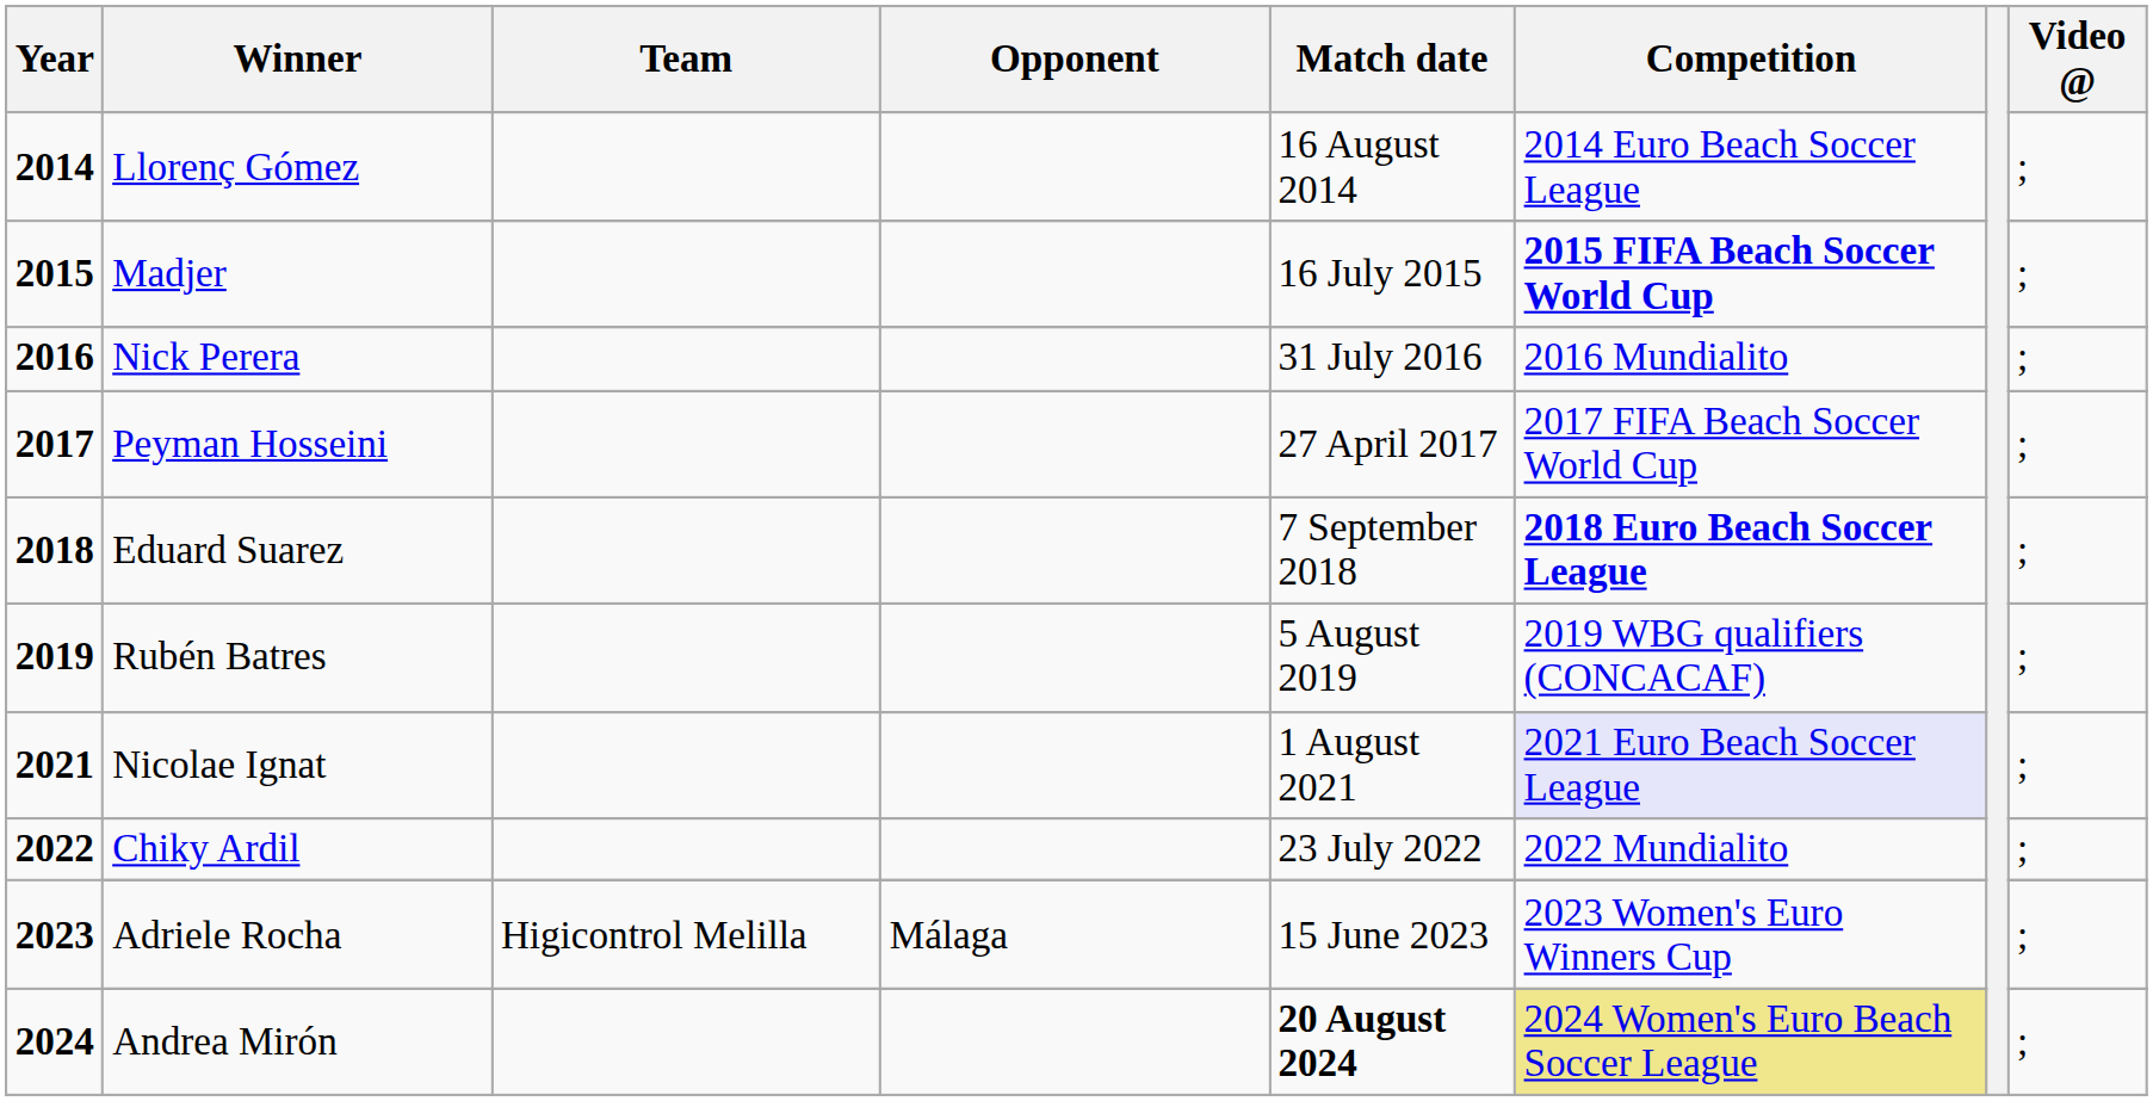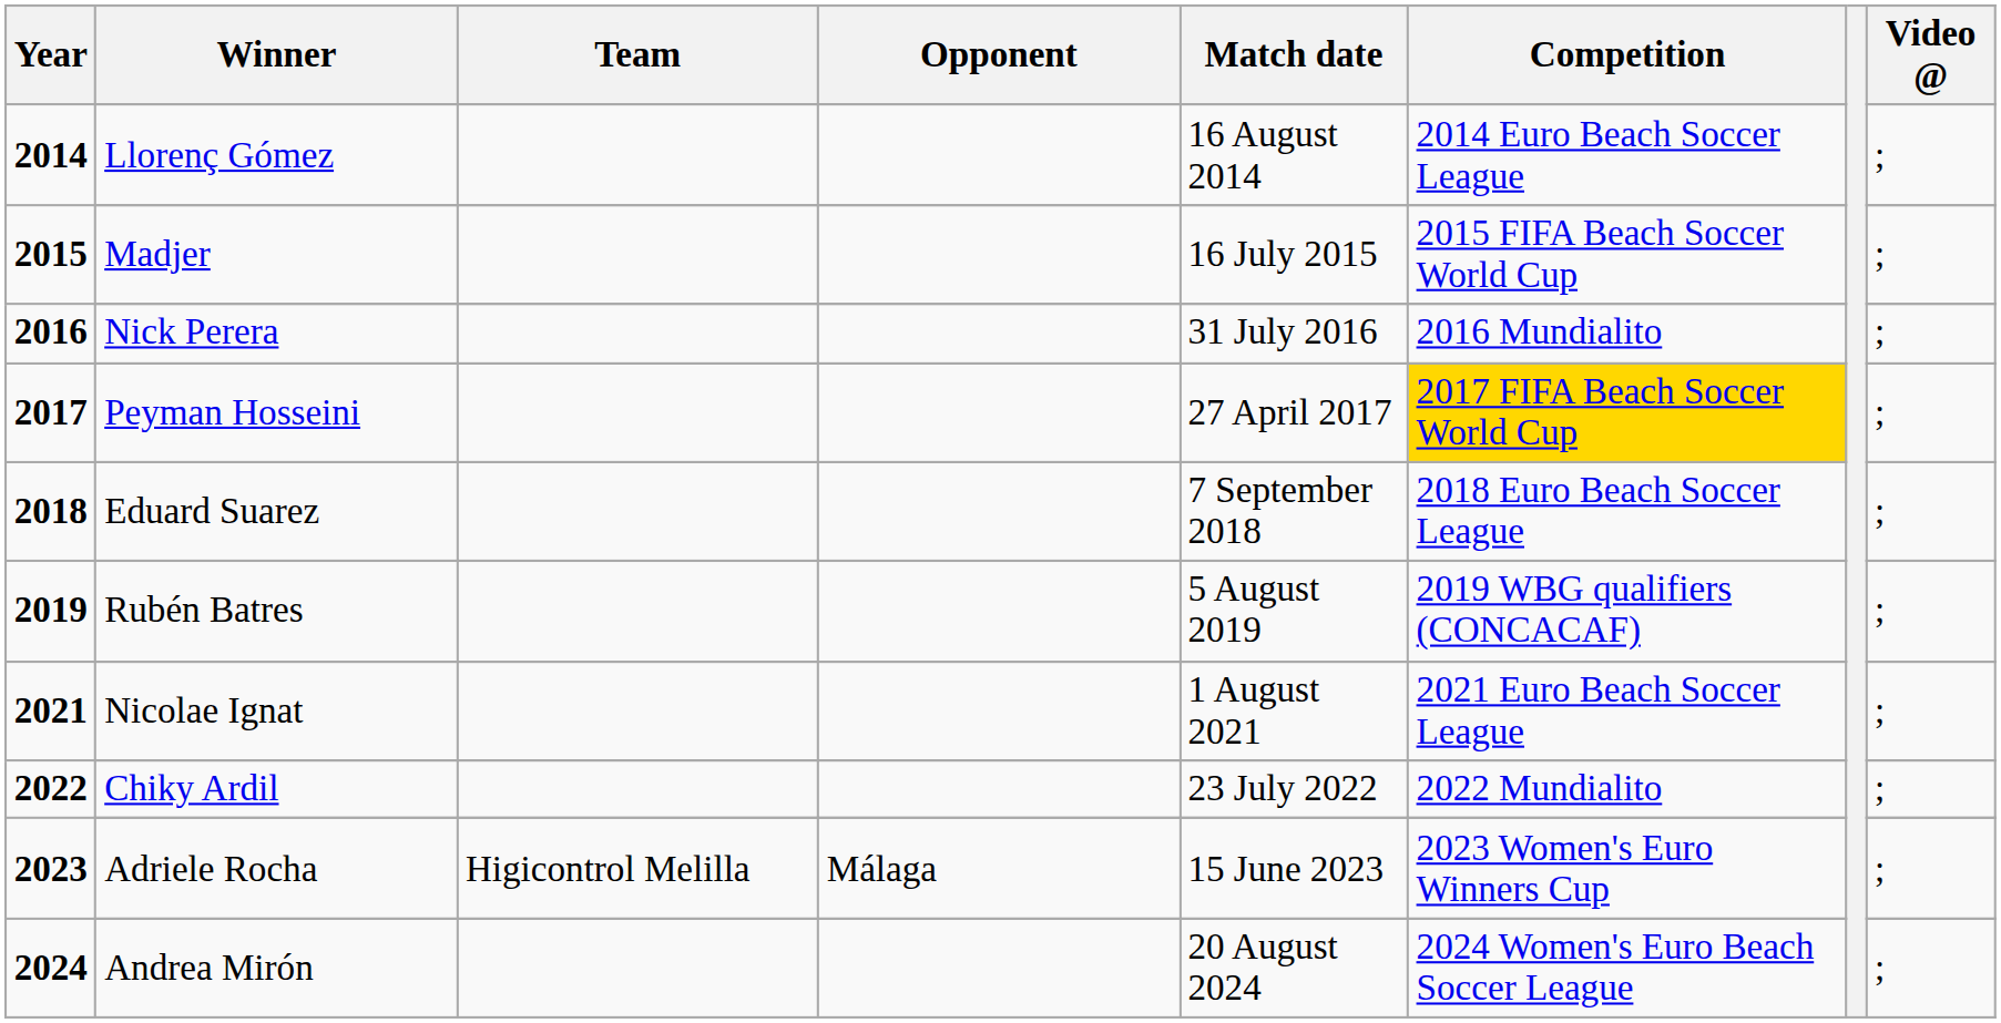 <table class="wikitable">
 <tr>
 <th>Year</th>
 <th width=150>Winner</th>
 <th width=150>Team</th>
 <th width=150>Opponent</th>
 <th>Match date</th>
 <th>Competition</th>
 <th rowspan=22 width=1></th>
 <th>Video @ </th>
 </tr>
 <tr>
 <td rowspan="2" style="text-align:center;"><strong>2014</strong></td>
 </tr>
 <tr>
 <td><a href='#'>Llorenç Gómez</a></td>
 <td></td>
 <td></td>
 <td>16 August 2014</td>
 <td><a href='#'>2014 Euro Beach Soccer League</a></td>
 <td>; </td>
 </tr>
 <tr>
 <td rowspan="2" style="text-align:center;"><strong>2015</strong></td>
 </tr>
 <tr>
 <td><a href='#'>Madjer</a></td>
 <td></td>
 <td></td>
 <td>16 July 2015</td>
-<td><strong><a href='#'>2015 FIFA Beach Soccer World Cup</a></strong></td>
+<td><a href='#'>2015 FIFA Beach Soccer World Cup</a></td>
 <td>; </td>
 </tr>
 <tr>
 <td rowspan=2 style="text-align:center;"><strong>2016</strong></td>
 </tr>
 <tr>
 <td><a href='#'>Nick Perera</a></td>
 <td></td>
 <td></td>
 <td>31 July 2016</td>
 <td><a href='#'>2016 Mundialito</a></td>
 <td>; </td>
 </tr>
 <tr>
 <td rowspan="2" style="text-align:center;"><strong>2017</strong></td>
 </tr>
 <tr>
 <td><a href='#'>Peyman Hosseini</a></td>
 <td></td>
 <td></td>
 <td>27 April 2017</td>
-<td><a href='#'>2017 FIFA Beach Soccer World Cup</a></td>
+<td style="background: gold;"><a href='#'>2017 FIFA Beach Soccer World Cup</a></td>
 <td>; </td>
 </tr>
 <tr>
 <td rowspan="2" style="text-align:center;"><strong>2018</strong></td>
 </tr>
 <tr>
 <td>Eduard Suarez</td>
 <td></td>
 <td></td>
 <td>7 September 2018</td>
-<td><strong><a href='#'>2018 Euro Beach Soccer League</a></strong></td>
+<td><a href='#'>2018 Euro Beach Soccer League</a></td>
 <td>; </td>
 </tr>
 <tr>
 <td rowspan="2" style="text-align:center;"><strong>2019</strong></td>
 </tr>
 <tr>
 <td>Rubén Batres</td>
 <td></td>
 <td></td>
 <td>5 August 2019</td>
 <td><a href='#'>2019 WBG qualifiers (CONCACAF)</a></td>
 <td>; </td>
 </tr>
 <tr>
 <td rowspan="2" style="text-align:center;"><strong>2021</strong></td>
 </tr>
 <tr>
 <td>Nicolae Ignat</td>
 <td></td>
 <td></td>
 <td>1 August 2021</td>
-<td style="background: lavender;"><a href='#'>2021 Euro Beach Soccer League</a></td>
+<td><a href='#'>2021 Euro Beach Soccer League</a></td>
 <td>; </td>
 </tr>
 <tr>
 <td rowspan="2" style="text-align:center;"><strong>2022</strong></td>
 </tr>
 <tr>
 <td><a href='#'>Chiky Ardil</a></td>
 <td></td>
 <td></td>
 <td>23 July 2022</td>
 <td><a href='#'>2022 Mundialito</a></td>
 <td>; </td>
 </tr>
 <tr>
 <td rowspan="2" style="text-align:center;"><strong>2023</strong></td>
 </tr>
 <tr>
 <td> Adriele Rocha</td>
 <td> Higicontrol Melilla</td>
 <td> Málaga</td>
 <td>15 June 2023</td>
 <td><a href='#'>2023 Women's Euro Winners Cup</a></td>
 <td>; </td>
 </tr>
 <tr>
 <td rowspan="2" style="text-align:center;"><strong>2024</strong></td>
 </tr>
 <tr>
 <td>Andrea Mirón</td>
 <td></td>
 <td></td>
-<td><strong>20 August 2024</strong></td>
-<td style="background: khaki;"><a href='#'>2024 Women's Euro Beach Soccer League</a></td>
+<td>20 August 2024</td>
+<td><a href='#'>2024 Women's Euro Beach Soccer League</a></td>
 <td>; </td>
 </tr>
 </table>
